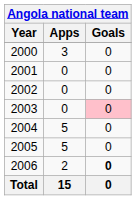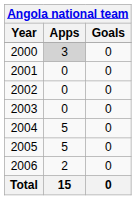 <table class="wikitable" style="text-align:center">
 <tr>
 <th colspan=3><a href='#'>Angola national team</a></th>
 </tr>
 <tr>
 <th>Year</th>
 <th>Apps</th>
 <th>Goals</th>
 </tr>
 <tr>
 </tr>
 <tr>
 <td>2000</td>
-<td>3</td>
+<td style="background: lightgrey;">3</td>
 <td>0</td>
 </tr>
 <tr>
 <td>2001</td>
 <td>0</td>
 <td>0</td>
 </tr>
 <tr>
 <td>2002</td>
 <td>0</td>
 <td>0</td>
 </tr>
 <tr>
 <td>2003</td>
 <td>0</td>
-<td style="background: pink;">0</td>
+<td>0</td>
 </tr>
 <tr>
 <td>2004</td>
 <td>5</td>
 <td>0</td>
 </tr>
 <tr>
 <td>2005</td>
 <td>5</td>
 <td>0</td>
 </tr>
 <tr>
 <td>2006</td>
 <td>2</td>
-<td><strong>0</strong></td>
+<td>0</td>
 </tr>
 <tr>
 <th>Total</th>
 <th>15</th>
 <th>0</th>
 </tr>
 </table>
